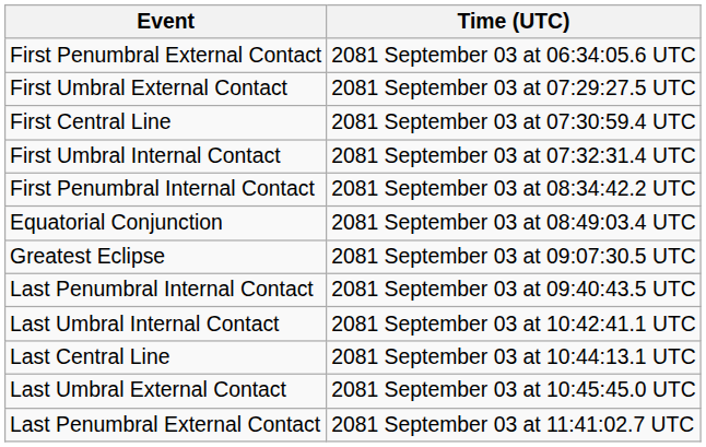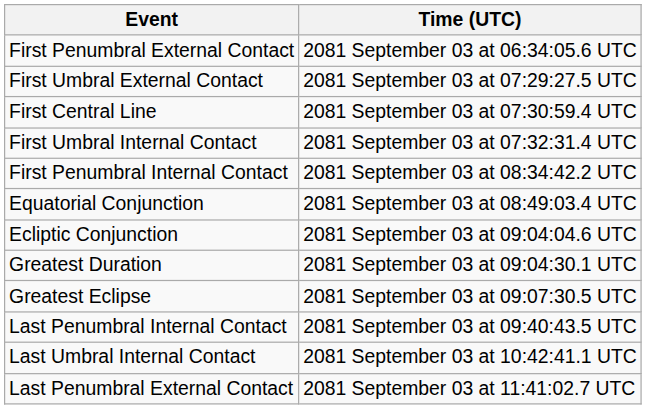 <table class="wikitable">
 <tr>
 <th>Event</th>
 <th>Time (UTC)</th>
 </tr>
 <tr>
 <td>First Penumbral External Contact</td>
 <td>2081 September 03 at 06:34:05.6 UTC</td>
 </tr>
 <tr>
 <td>First Umbral External Contact</td>
 <td>2081 September 03 at 07:29:27.5 UTC</td>
 </tr>
 <tr>
 <td>First Central Line</td>
 <td>2081 September 03 at 07:30:59.4 UTC</td>
 </tr>
 <tr>
 <td>First Umbral Internal Contact</td>
 <td>2081 September 03 at 07:32:31.4 UTC</td>
 </tr>
 <tr>
 <td>First Penumbral Internal Contact</td>
 <td>2081 September 03 at 08:34:42.2 UTC</td>
 </tr>
 <tr>
 <td>Equatorial Conjunction</td>
 <td>2081 September 03 at 08:49:03.4 UTC</td>
 </tr>
 <tr>
+<td>Ecliptic Conjunction</td>
+<td>2081 September 03 at 09:04:04.6 UTC</td>
+</tr>
+<tr>
+<td>Greatest Duration</td>
+<td>2081 September 03 at 09:04:30.1 UTC</td>
+</tr>
+<tr>
 <td>Greatest Eclipse</td>
 <td>2081 September 03 at 09:07:30.5 UTC</td>
 </tr>
 <tr>
 <td>Last Penumbral Internal Contact</td>
 <td>2081 September 03 at 09:40:43.5 UTC</td>
 </tr>
 <tr>
 <td>Last Umbral Internal Contact</td>
 <td>2081 September 03 at 10:42:41.1 UTC</td>
 </tr>
 <tr>
-<td>Last Central Line</td>
-<td>2081 September 03 at 10:44:13.1 UTC</td>
-</tr>
-<tr>
-<td>Last Umbral External Contact</td>
-<td>2081 September 03 at 10:45:45.0 UTC</td>
-</tr>
-<tr>
 <td>Last Penumbral External Contact</td>
 <td>2081 September 03 at 11:41:02.7 UTC</td>
 </tr>
 </table>
